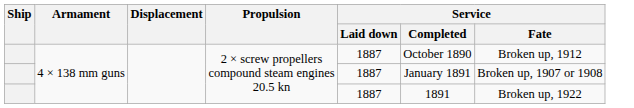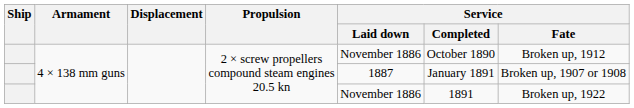 <table class="wikitable plainrowheaders" style="text-align: center;">
 <tr valign="top">
 <th scope="col" rowspan="2">Ship</th>
 <th scope="col" rowspan="2">Armament</th>
 <th scope="col" rowspan="2">Displacement</th>
 <th scope="col" rowspan="2">Propulsion</th>
 <th scope="col" colspan="3">Service</th>
 </tr>
 <tr valign="top">
 <th scope="col">Laid down</th>
 <th scope="col">Completed</th>
 <th scope="col">Fate</th>
 </tr>
 <tr valign="center">
 <th scope="row"></th>
 <td rowspan="3">4 × 138 mm guns</td>
 <td rowspan="3"></td>
 <td rowspan="3">2 × screw propellers<br>compound steam engines<br>20.5 kn</td>
-<td>1887</td>
+<td>November 1886</td>
 <td>October 1890</td>
 <td>Broken up, 1912</td>
 </tr>
 <tr valign="center">
 <th scope="row"></th>
 <td>1887</td>
 <td>January 1891</td>
 <td>Broken up, 1907 or 1908</td>
 </tr>
 <tr valign="center">
 <th scope="row"></th>
-<td>1887</td>
+<td>November 1886</td>
 <td>1891</td>
 <td>Broken up, 1922</td>
 </tr>
 </table>
